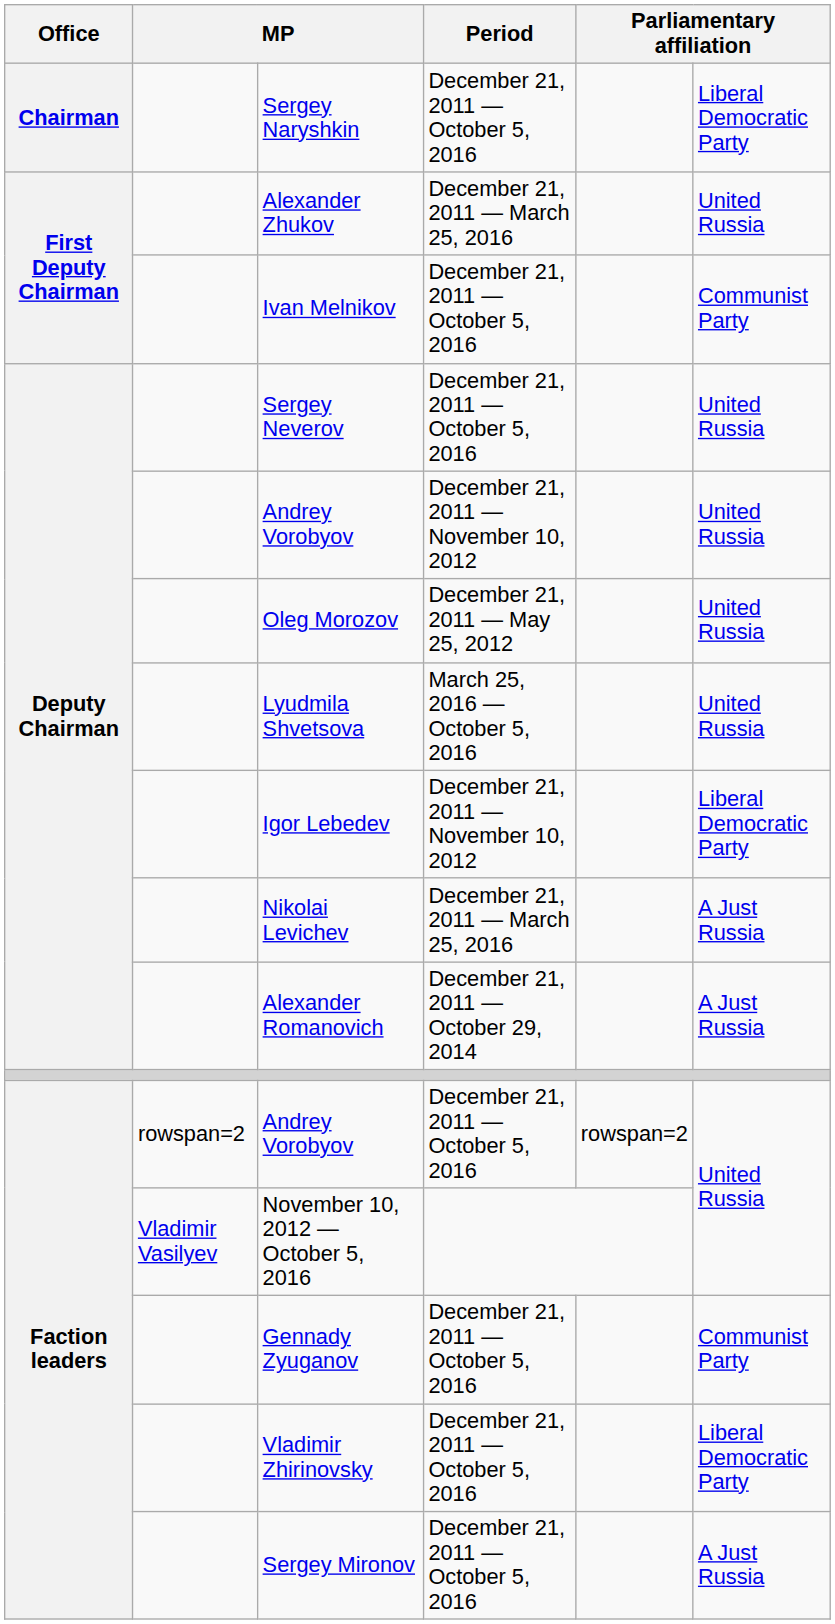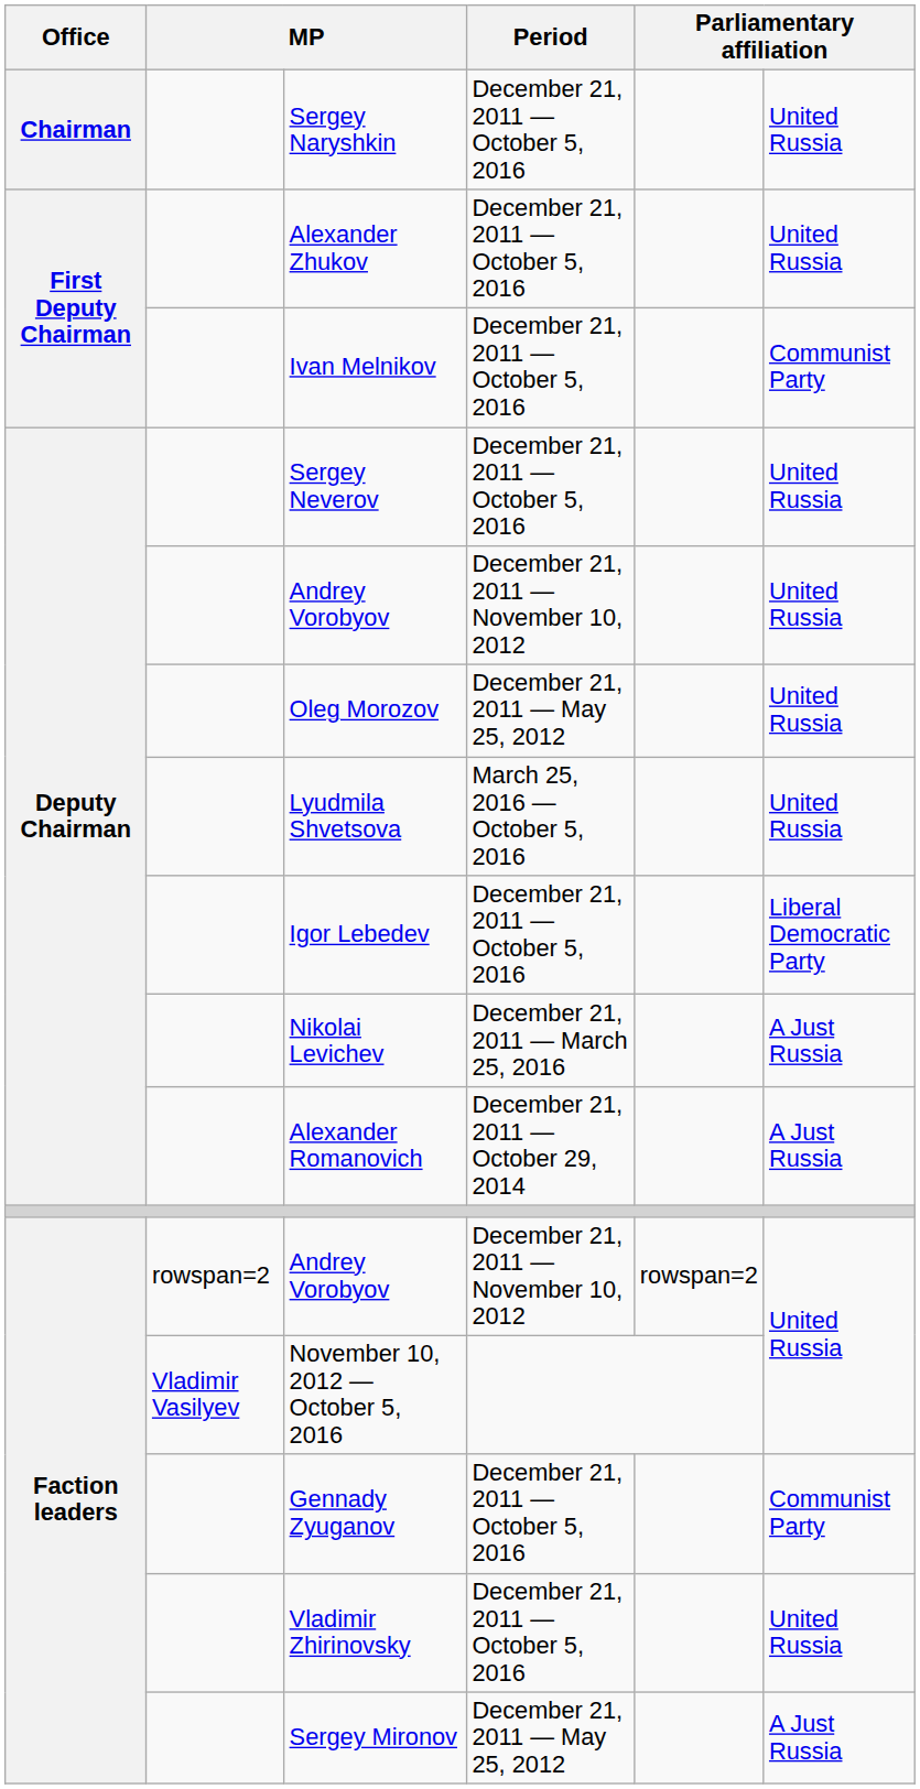 <table class=wikitable>
 <tr>
 <th>Office</th>
 <th colspan=2>MP</th>
 <th>Period</th>
 <th colspan=2>Parliamentary affiliation</th>
 </tr>
 <tr>
 <th><a href='#'>Chairman</a></th>
 <td></td>
 <td><a href='#'>Sergey Naryshkin</a></td>
 <td>December 21, 2011 — October 5, 2016</td>
 <td></td>
-<td><a href='#'>Liberal Democratic Party</a></td>
+<td><a href='#'>United Russia</a></td>
 </tr>
 <tr>
 <th rowspan=2><a href='#'>First Deputy Chairman</a></th>
 <td></td>
 <td><a href='#'>Alexander Zhukov</a></td>
-<td>December 21, 2011 — March 25, 2016</td>
+<td>December 21, 2011 — October 5, 2016</td>
 <td></td>
 <td><a href='#'>United Russia</a></td>
 </tr>
 <tr>
 <td></td>
 <td><a href='#'>Ivan Melnikov</a></td>
 <td>December 21, 2011 — October 5, 2016</td>
 <td></td>
 <td><a href='#'>Communist Party</a></td>
 </tr>
 <tr>
 <th rowspan=7>Deputy Chairman</th>
 <td></td>
 <td><a href='#'>Sergey Neverov</a></td>
 <td>December 21, 2011 — October 5, 2016</td>
 <td></td>
 <td><a href='#'>United Russia</a></td>
 </tr>
 <tr>
 <td></td>
 <td><a href='#'>Andrey Vorobyov</a></td>
 <td>December 21, 2011 — November 10, 2012</td>
 <td></td>
 <td><a href='#'>United Russia</a></td>
 </tr>
 <tr>
 <td></td>
 <td><a href='#'>Oleg Morozov</a></td>
 <td>December 21, 2011 — May 25, 2012</td>
 <td></td>
 <td><a href='#'>United Russia</a></td>
 </tr>
 <tr>
 <td></td>
 <td><a href='#'>Lyudmila Shvetsova</a></td>
 <td>March 25, 2016 — October 5, 2016</td>
 <td></td>
 <td><a href='#'>United Russia</a></td>
 </tr>
 <tr>
 <td></td>
 <td><a href='#'>Igor Lebedev</a></td>
-<td>December 21, 2011 — November 10, 2012</td>
+<td>December 21, 2011 — October 5, 2016</td>
 <td></td>
 <td><a href='#'>Liberal Democratic Party</a></td>
 </tr>
 <tr>
 <td></td>
 <td><a href='#'>Nikolai Levichev</a></td>
 <td>December 21, 2011 — March 25, 2016</td>
 <td></td>
 <td><a href='#'>A Just Russia</a></td>
 </tr>
 <tr>
 <td></td>
 <td><a href='#'>Alexander Romanovich</a></td>
 <td>December 21, 2011 — October 29, 2014</td>
 <td></td>
 <td><a href='#'>A Just Russia</a></td>
 </tr>
 <tr>
 <td colspan=7; bgcolor="lightgrey"></td>
 </tr>
 <tr>
 <th rowspan=6>Faction leaders</th>
 <td>rowspan=2 </td>
 <td><a href='#'>Andrey Vorobyov</a></td>
-<td>December 21, 2011 — October 5, 2016</td>
+<td>December 21, 2011 — November 10, 2012</td>
 <td>rowspan=2 </td>
 <td rowspan=2><a href='#'>United Russia</a></td>
 </tr>
 <tr>
 <td><a href='#'>Vladimir Vasilyev</a></td>
 <td>November 10, 2012 — October 5, 2016</td>
 </tr>
 <tr>
 <td></td>
 <td><a href='#'>Gennady Zyuganov</a></td>
 <td>December 21, 2011 — October 5, 2016</td>
 <td></td>
 <td><a href='#'>Communist Party</a></td>
 </tr>
 <tr>
 <td></td>
 <td><a href='#'>Vladimir Zhirinovsky</a></td>
 <td>December 21, 2011 — October 5, 2016</td>
 <td></td>
-<td><a href='#'>Liberal Democratic Party</a></td>
+<td><a href='#'>United Russia</a></td>
 </tr>
 <tr>
 <td></td>
 <td><a href='#'>Sergey Mironov</a></td>
-<td>December 21, 2011 — October 5, 2016</td>
+<td>December 21, 2011 — May 25, 2012</td>
 <td></td>
 <td><a href='#'>A Just Russia</a></td>
 </tr>
 </table>
